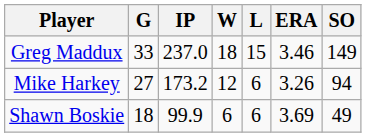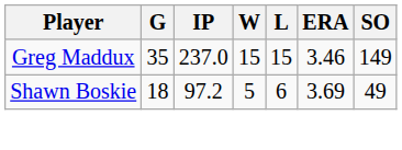 <table class="wikitable sortable" style="text-align:center">
 <tr>
 <th>Player</th>
 <th>G</th>
 <th>IP</th>
 <th>W</th>
 <th>L</th>
 <th>ERA</th>
 <th>SO</th>
 </tr>
 <tr>
 <td><a href='#'>Greg Maddux</a></td>
-<td>33</td>
+<td>35</td>
 <td>237.0</td>
-<td>18</td>
+<td>15</td>
 <td>15</td>
 <td>3.46</td>
 <td>149</td>
 </tr>
 <tr>
-<td><a href='#'>Mike Harkey</a></td>
-<td>27</td>
-<td>173.2</td>
-<td>12</td>
-<td>6</td>
-<td>3.26</td>
-<td>94</td>
-</tr>
-<tr>
 <td><a href='#'>Shawn Boskie</a></td>
 <td>18</td>
-<td>99.9</td>
-<td>6</td>
+<td>97.2</td>
+<td>5</td>
 <td>6</td>
 <td>3.69</td>
 <td>49</td>
 </tr>
 </table>
